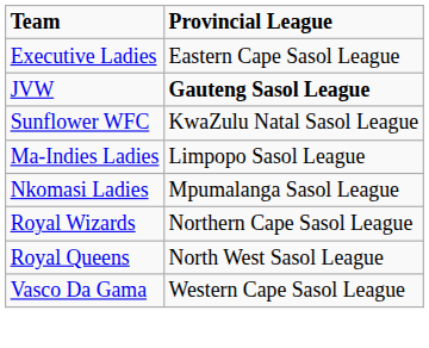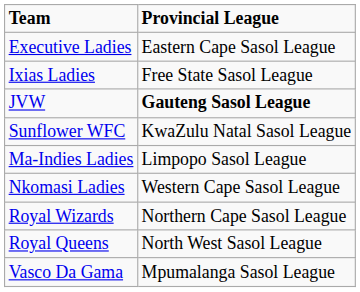 <table class= "wikitable sortable" style="text_align: left;">
 <tr>
 <td><strong>Team</strong></td>
 <td><strong>Provincial League</strong></td>
 </tr>
 <tr>
 <td><a href='#'>Executive Ladies</a></td>
 <td>Eastern Cape Sasol League</td>
+</tr>
+<tr>
+<td><a href='#'>Ixias Ladies</a></td>
+<td>Free State Sasol League</td>
 </tr>
 <tr>
 <td><a href='#'>JVW</a></td>
 <td><strong>Gauteng Sasol League</strong></td>
 </tr>
 <tr>
 <td><a href='#'>Sunflower WFC</a></td>
 <td>KwaZulu Natal Sasol League</td>
 </tr>
 <tr>
 <td><a href='#'>Ma-Indies Ladies</a></td>
 <td>Limpopo Sasol League</td>
 </tr>
 <tr>
 <td><a href='#'>Nkomasi Ladies</a></td>
-<td>Mpumalanga Sasol League</td>
+<td>Western Cape Sasol League</td>
 </tr>
 <tr>
 <td><a href='#'>Royal Wizards</a></td>
 <td>Northern Cape Sasol League</td>
 </tr>
 <tr>
 <td><a href='#'>Royal Queens</a></td>
 <td>North West Sasol League</td>
 </tr>
 <tr>
 <td><a href='#'>Vasco Da Gama</a></td>
-<td>Western Cape Sasol League</td>
+<td>Mpumalanga Sasol League</td>
 </tr>
 </table>
